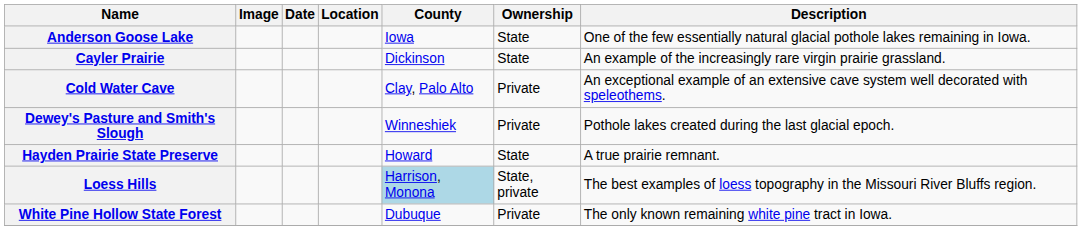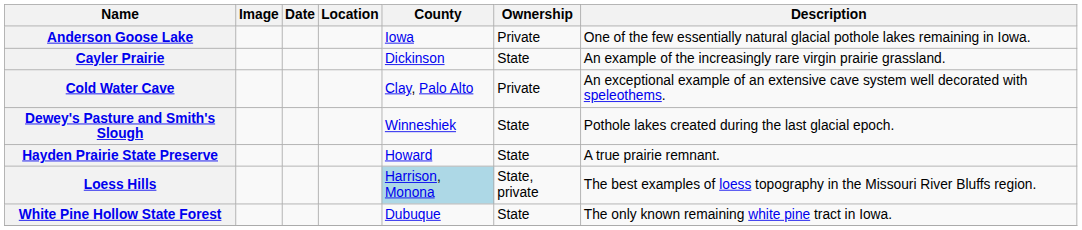 <table class="wikitable sortable" align="center">
 <tr>
 <th style="background-color:">Name</th>
 <th style="background-color:">Image</th>
 <th style="background-color:">Date</th>
 <th style="background-color:">Location</th>
 <th style="background-color:">County</th>
 <th style="background-color:">Ownership</th>
 <th style="background-color:">Description</th>
 </tr>
 <tr>
 <th><a href='#'>Anderson Goose Lake</a></th>
 <td></td>
 <td></td>
 <td></td>
 <td><a href='#'>Iowa</a></td>
-<td>State</td>
+<td>Private</td>
 <td>One of the few essentially natural glacial pothole lakes remaining in Iowa.</td>
 </tr>
 <tr>
 <th><a href='#'>Cayler Prairie</a></th>
 <td></td>
 <td></td>
 <td></td>
 <td><a href='#'>Dickinson</a></td>
 <td>State</td>
 <td>An example of the increasingly rare virgin prairie grassland.</td>
 </tr>
 <tr>
 <th><a href='#'>Cold Water Cave</a></th>
 <td></td>
 <td></td>
 <td></td>
 <td><a href='#'>Clay</a>, <a href='#'>Palo Alto</a></td>
 <td>Private</td>
 <td>An exceptional example of an extensive cave system well decorated with <a href='#'>speleothems</a>.</td>
 </tr>
 <tr>
 <th><a href='#'>Dewey's Pasture and Smith's Slough</a></th>
 <td></td>
 <td></td>
 <td></td>
 <td><a href='#'>Winneshiek</a></td>
-<td>Private</td>
+<td>State</td>
 <td>Pothole lakes created during the last glacial epoch.</td>
 </tr>
 <tr>
 <th><a href='#'>Hayden Prairie State Preserve</a></th>
 <td></td>
 <td></td>
 <td></td>
 <td><a href='#'>Howard</a></td>
 <td>State</td>
 <td>A true prairie remnant.</td>
 </tr>
 <tr>
 <th><a href='#'>Loess Hills</a></th>
 <td></td>
 <td></td>
 <td></td>
 <td style="background: lightblue;"><a href='#'>Harrison</a>, <a href='#'>Monona</a></td>
 <td>State, private</td>
 <td>The best examples of <a href='#'>loess</a> topography in the Missouri River Bluffs region.</td>
 </tr>
 <tr>
 <th><a href='#'>White Pine Hollow State Forest</a></th>
 <td></td>
 <td></td>
 <td></td>
 <td><a href='#'>Dubuque</a></td>
-<td>Private</td>
+<td>State</td>
 <td>The only known remaining <a href='#'>white pine</a> tract in Iowa.</td>
 </tr>
 <tr>
 </tr>
 </table>
